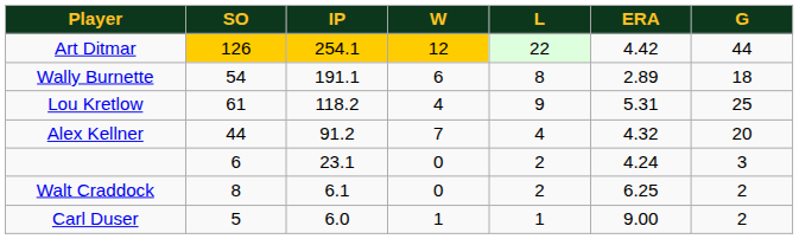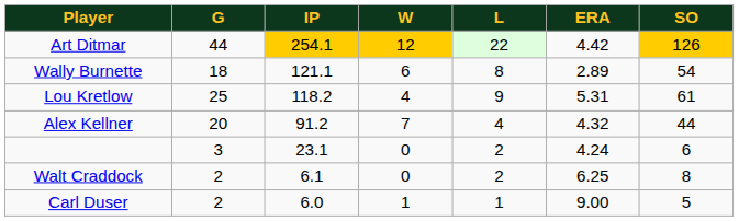 <table class="wikitable sortable">
 <tr>
 <th style="background:#0C371D;color:#ffc322;" width="16%">Player</th>
-<th style="background:#0C371D;color:#ffc322;" width="9%">SO</th>
+<th style="background:#0C371D;color:#ffc322;" width="9%">G</th>
 <th style="background:#0C371D;color:#ffc322;" width="9%">IP</th>
 <th style="background:#0C371D;color:#ffc322;" width="9%">W</th>
 <th style="background:#0C371D;color:#ffc322;" width="9%">L</th>
 <th style="background:#0C371D;color:#ffc322;" width="9%">ERA</th>
-<th style="background:#0C371D;color:#ffc322;" width="9%">G</th>
+<th style="background:#0C371D;color:#ffc322;" width="9%">SO</th>
 </tr>
 <tr align="center">
 <td><a href='#'>Art Ditmar</a></td>
-<td bgcolor="#FFCC00">126</td>
+<td>44</td>
 <td bgcolor="#FFCC00">254.1</td>
 <td bgcolor="#FFCC00">12</td>
 <td bgcolor="#DDFFDD">22</td>
 <td>4.42</td>
-<td>44</td>
+<td bgcolor="#FFCC00">126</td>
 </tr>
 <tr align="center">
 <td><a href='#'>Wally Burnette</a></td>
-<td>54</td>
-<td>191.1</td>
+<td>18</td>
+<td>121.1</td>
 <td>6</td>
 <td>8</td>
 <td>2.89</td>
-<td>18</td>
+<td>54</td>
 </tr>
 <tr align="center">
 <td><a href='#'>Lou Kretlow</a></td>
-<td>61</td>
+<td>25</td>
 <td>118.2</td>
 <td>4</td>
 <td>9</td>
 <td>5.31</td>
-<td>25</td>
+<td>61</td>
 </tr>
 <tr align="center">
 <td><a href='#'>Alex Kellner</a></td>
-<td>44</td>
+<td>20</td>
 <td>91.2</td>
 <td>7</td>
 <td>4</td>
 <td>4.32</td>
-<td>20</td>
+<td>44</td>
 </tr>
 <tr align="center">
 <td></td>
-<td>6</td>
+<td>3</td>
 <td>23.1</td>
 <td>0</td>
 <td>2</td>
 <td>4.24</td>
-<td>3</td>
+<td>6</td>
 </tr>
 <tr align="center">
 <td><a href='#'>Walt Craddock</a></td>
-<td>8</td>
+<td>2</td>
 <td>6.1</td>
 <td>0</td>
 <td>2</td>
 <td>6.25</td>
-<td>2</td>
+<td>8</td>
 </tr>
 <tr align="center">
 <td><a href='#'>Carl Duser</a></td>
-<td>5</td>
+<td>2</td>
 <td>6.0</td>
 <td>1</td>
 <td>1</td>
 <td>9.00</td>
-<td>2</td>
+<td>5</td>
 </tr>
 </table>
